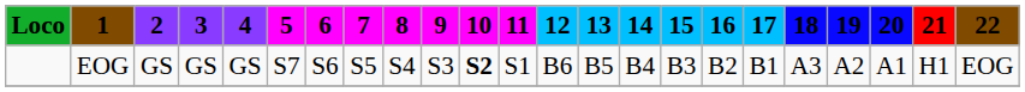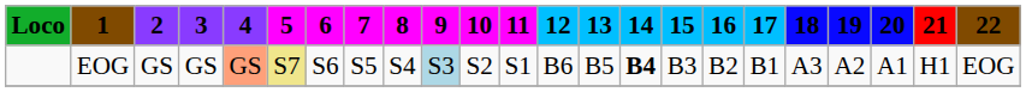 <table class="wikitable plainrowheaders unsortable" style="text-align:center">
 <tr>
 <th scope="col" rowspan="1" style="background:#12ad2b;"><span>Loco</span></th>
 <th scope="col" rowspan="1" style="background:#804a00;"><span>1</span></th>
 <th scope="col" rowspan="1" style="background:#893bff;">2</th>
 <th rowspan="1" scope="col" style="background:#893bff;">3</th>
 <th rowspan="1" scope="col" style="background:#893bff;">4</th>
 <th rowspan="1" scope="col" style="background:#ff00ff;">5</th>
 <th rowspan="1" scope="col" style="background:#ff00ff;">6</th>
 <th rowspan="1" scope="col" style="background:#ff00ff;">7</th>
 <th rowspan="1" scope="col" style="background:#ff00ff;">8</th>
 <th rowspan="1" scope="col" style="background:#ff00ff;">9</th>
 <th rowspan="1" scope="col" style="background:#ff00ff;">10</th>
 <th rowspan="1" scope="col" style="background:#ff00ff;">11</th>
 <th rowspan="1" scope="col" style="background:#00bfff;">12</th>
 <th rowspan="1" scope="col" style="background:#00bfff;">13</th>
 <th rowspan="1" scope="col" style="background:#00bfff;">14</th>
 <th rowspan="1" scope="col" style="background:#00bfff;">15</th>
 <th rowspan="1" scope="col" style="background:#00bfff;">16</th>
 <th rowspan="1" scope="col" style="background:#00bfff;">17</th>
 <th rowspan="1" scope="col" style="background:#0909ff;"><span>18</span></th>
 <th rowspan="1" scope="col" style="background:#0909ff;"><span>19</span></th>
 <th rowspan="1" scope="col" style="background:#0909ff;"><span>20</span></th>
 <th rowspan="1" scope="col" style="background:#ff0000;"><span>21</span></th>
 <th rowspan="1" scope="col" style="background:#804a00;"><span>22</span></th>
 </tr>
 <tr>
 <td></td>
 <td>EOG</td>
 <td>GS</td>
 <td>GS</td>
-<td>GS</td>
-<td>S7</td>
+<td style="background: lightsalmon;">GS</td>
+<td style="background: khaki;">S7</td>
 <td>S6</td>
 <td>S5</td>
 <td>S4</td>
-<td>S3</td>
-<td><strong>S2</strong></td>
+<td style="background: lightblue;">S3</td>
+<td>S2</td>
 <td>S1</td>
 <td>B6</td>
 <td>B5</td>
-<td>B4</td>
+<td><strong>B4</strong></td>
 <td>B3</td>
 <td>B2</td>
 <td>B1</td>
 <td>A3</td>
 <td>A2</td>
 <td>A1</td>
 <td>H1</td>
 <td>EOG</td>
 </tr>
 <tr>
 </tr>
 </table>
